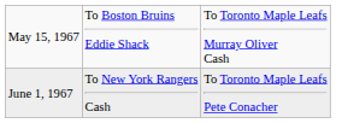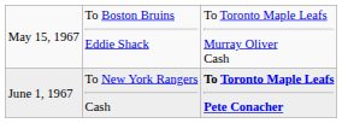 <table class="wikitable">
 <tr>
 <td>May 15, 1967</td>
 <td valign="top">To <a href='#'>Boston Bruins</a><hr><a href='#'>Eddie Shack</a></td>
 <td valign="top">To <a href='#'>Toronto Maple Leafs</a><hr><a href='#'>Murray Oliver</a> <br> Cash</td>
 </tr>
 <tr bgcolor="#eeeeee">
 <td>June 1, 1967</td>
 <td valign="top">To <a href='#'>New York Rangers</a><hr>Cash</td>
-<td valign="top">To <a href='#'>Toronto Maple Leafs</a><hr><a href='#'>Pete Conacher</a></td>
+<td valign="top"><strong>To <a href='#'>Toronto Maple Leafs</a><hr><a href='#'>Pete Conacher</a></strong></td>
 </tr>
 </table>
